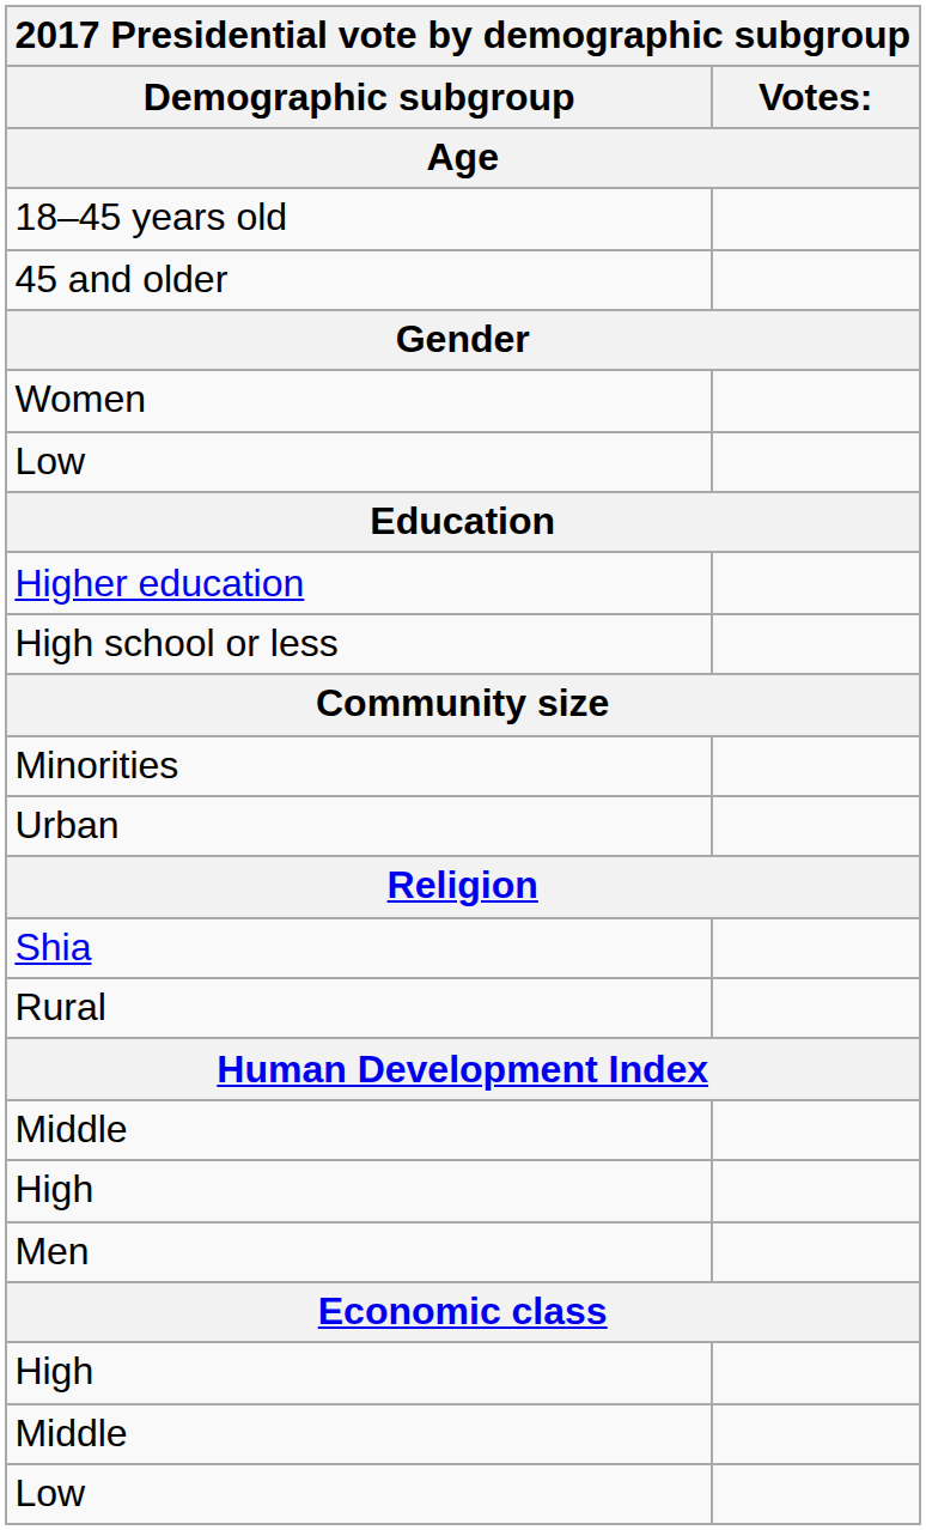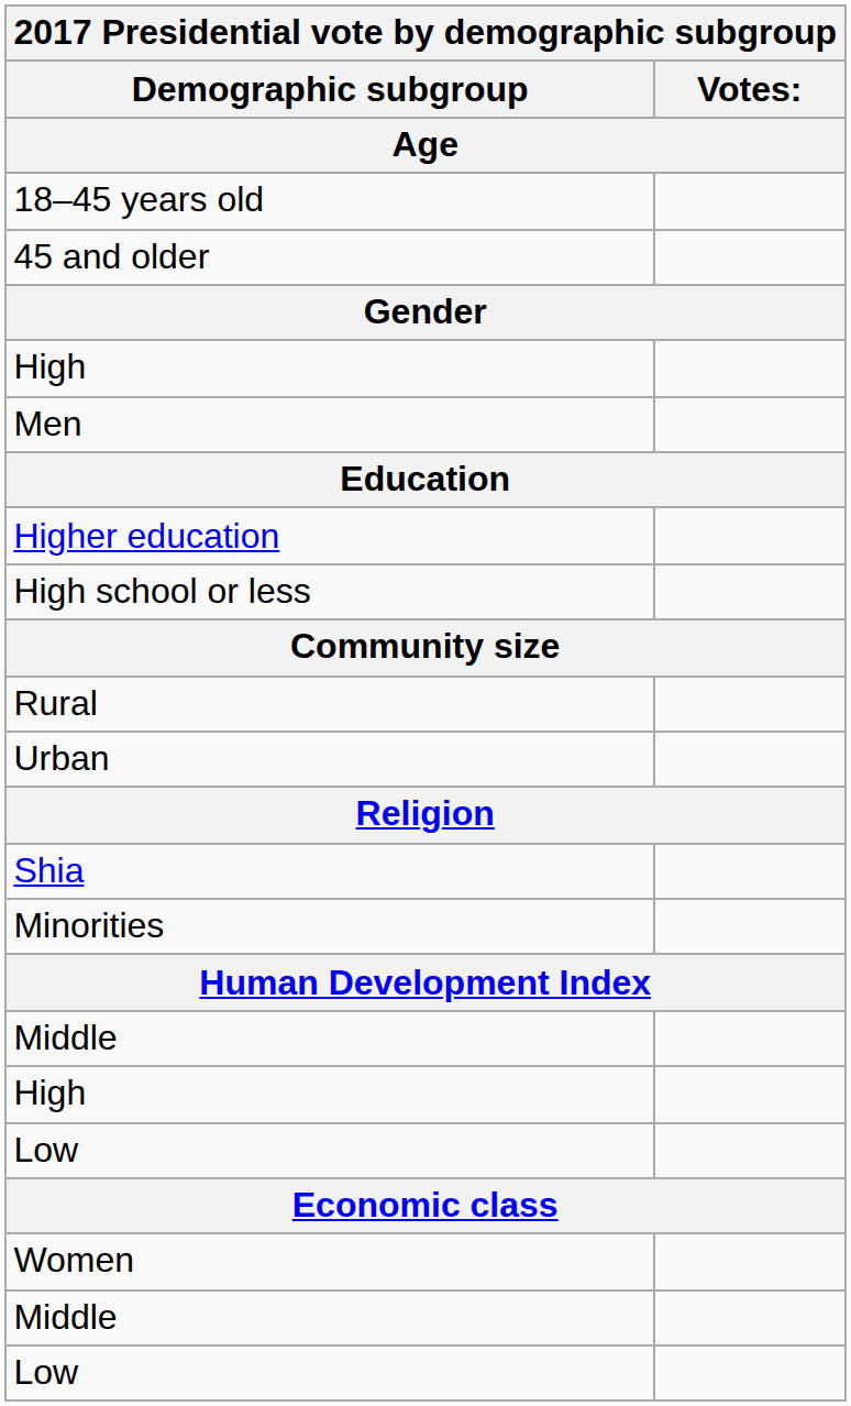 <table class="wikitable">
 <tr>
 <th colspan="2">2017 Presidential vote by demographic subgroup</th>
 </tr>
 <tr>
 <th>Demographic subgroup</th>
 <th>Votes: </th>
 </tr>
 <tr>
 <th colspan=2>Age</th>
 </tr>
 <tr>
 <td>18–45 years old</td>
 <td></td>
 </tr>
 <tr>
 <td>45 and older</td>
 <td></td>
 </tr>
 <tr>
 <th colspan=2>Gender</th>
 </tr>
 <tr>
-<td>Women</td>
+<td>High</td>
 <td></td>
 </tr>
 <tr>
-<td>Low</td>
+<td>Men</td>
 <td></td>
 </tr>
 <tr>
 <th colspan=2>Education</th>
 </tr>
 <tr>
 <td><a href='#'>Higher education</a></td>
 <td></td>
 </tr>
 <tr>
 <td>High school or less</td>
 <td></td>
 </tr>
 <tr>
 <th colspan=2>Community size</th>
 </tr>
 <tr>
-<td>Minorities</td>
+<td>Rural</td>
 <td></td>
 </tr>
 <tr>
 <td>Urban</td>
 <td></td>
 </tr>
 <tr>
 <th colspan=2><a href='#'>Religion</a></th>
 </tr>
 <tr>
 <td><a href='#'>Shia</a></td>
 <td></td>
 </tr>
 <tr>
-<td>Rural</td>
+<td>Minorities</td>
 <td></td>
 </tr>
 <tr>
 <th colspan=2><a href='#'>Human Development Index</a></th>
 </tr>
 <tr>
 <td>Middle</td>
 <td></td>
 </tr>
 <tr>
 <td>High</td>
 <td></td>
 </tr>
 <tr>
-<td>Men</td>
+<td>Low</td>
 <td></td>
 </tr>
 <tr>
 <th colspan=2><a href='#'>Economic class</a></th>
 </tr>
 <tr>
-<td>High</td>
+<td>Women</td>
 <td></td>
 </tr>
 <tr>
 <td>Middle</td>
 <td></td>
 </tr>
 <tr>
 <td>Low</td>
 <td></td>
 </tr>
 </table>
